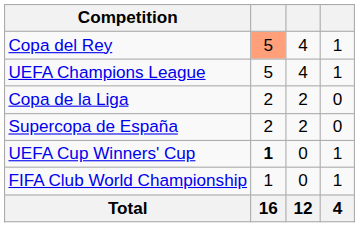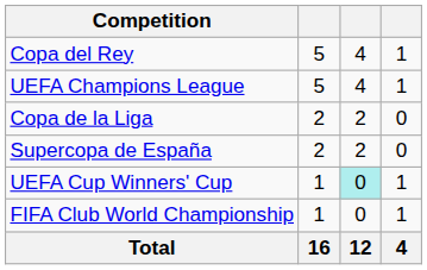 <table class="wikitable" style="text-align:center">
 <tr>
 <th>Competition</th>
 <th width=25></th>
 <th width=25></th>
 <th width=25></th>
 </tr>
 <tr>
 <td align=left><a href='#'>Copa del Rey</a></td>
-<td style="background: lightsalmon;">5</td>
+<td>5</td>
 <td>4</td>
 <td>1</td>
 </tr>
 <tr>
 <td align=left><a href='#'>UEFA Champions League</a></td>
 <td>5</td>
 <td>4</td>
 <td>1</td>
 </tr>
 <tr>
 <td align=left><a href='#'>Copa de la Liga</a></td>
 <td>2</td>
 <td>2</td>
 <td>0</td>
 </tr>
 <tr>
 <td align=left><a href='#'>Supercopa de España</a></td>
 <td>2</td>
 <td>2</td>
 <td>0</td>
 </tr>
 <tr>
 <td align=left><a href='#'>UEFA Cup Winners' Cup</a></td>
-<td><strong>1</strong></td>
-<td>0</td>
+<td>1</td>
+<td style="background: paleturquoise;">0</td>
 <td>1</td>
 </tr>
 <tr>
 <td align=left><a href='#'>FIFA Club World Championship</a></td>
 <td>1</td>
 <td>0</td>
 <td>1</td>
 </tr>
 <tr>
 <th align=left>Total</th>
 <th>16</th>
 <th>12</th>
 <th>4</th>
 </tr>
 </table>
